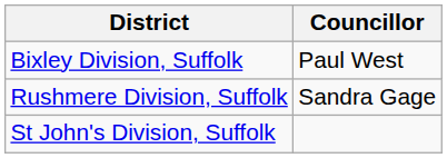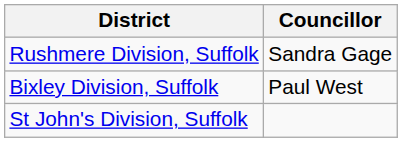 <table class="wikitable">
 <tr>
 <th>District</th>
 <th>Councillor</th>
 </tr>
 <tr>
+<td><a href='#'>Rushmere Division, Suffolk</a></td>
+<td ! style="background-color:">Sandra Gage</td>
+</tr>
+<tr>
 <td><a href='#'>Bixley Division, Suffolk</a></td>
 <td ! style="background-color:">Paul West</td>
-</tr>
-<tr>
-<td><a href='#'>Rushmere Division, Suffolk</a></td>
-<td ! style="background-color:">Sandra Gage</td>
 </tr>
 <tr>
 <td><a href='#'>St John's Division, Suffolk</a></td>
 <td></td>
 </tr>
 </table>
